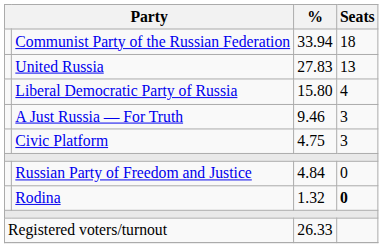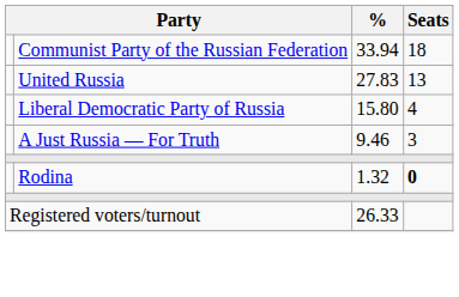 <table class="wikitable">
 <tr>
 <th colspan=2>Party</th>
 <th>%</th>
 <th>Seats</th>
 </tr>
 <tr>
 <td style="background:"></td>
 <td><a href='#'>Communist Party of the Russian Federation</a></td>
 <td>33.94</td>
 <td>18</td>
 </tr>
 <tr>
 <td style="background:"></td>
 <td><a href='#'>United Russia</a></td>
 <td>27.83</td>
 <td>13</td>
 </tr>
 <tr>
 <td style="background:"></td>
 <td><a href='#'>Liberal Democratic Party of Russia</a></td>
 <td>15.80</td>
 <td>4</td>
 </tr>
 <tr>
 <td style="background:"></td>
 <td><a href='#'>A Just Russia — For Truth</a></td>
 <td>9.46</td>
 <td>3</td>
 </tr>
 <tr>
-<td style="background:"></td>
-<td><a href='#'>Civic Platform</a></td>
-<td>4.75</td>
-<td>3</td>
-</tr>
-<tr>
 <td colspan=4 style="background:#E9E9E9;"></td>
-</tr>
-<tr>
-<td style="background:"></td>
-<td><a href='#'>Russian Party of Freedom and Justice</a></td>
-<td>4.84</td>
-<td>0</td>
 </tr>
 <tr>
 <td style="background:"></td>
 <td><a href='#'>Rodina</a></td>
 <td>1.32</td>
 <td><strong>0</strong></td>
 </tr>
 <tr>
 <td colspan=4 style="background:#E9E9E9;"></td>
 </tr>
 <tr>
 <td align=left colspan=2>Registered voters/turnout</td>
 <td>26.33</td>
 <td></td>
 </tr>
 <tr>
 </tr>
 </table>
